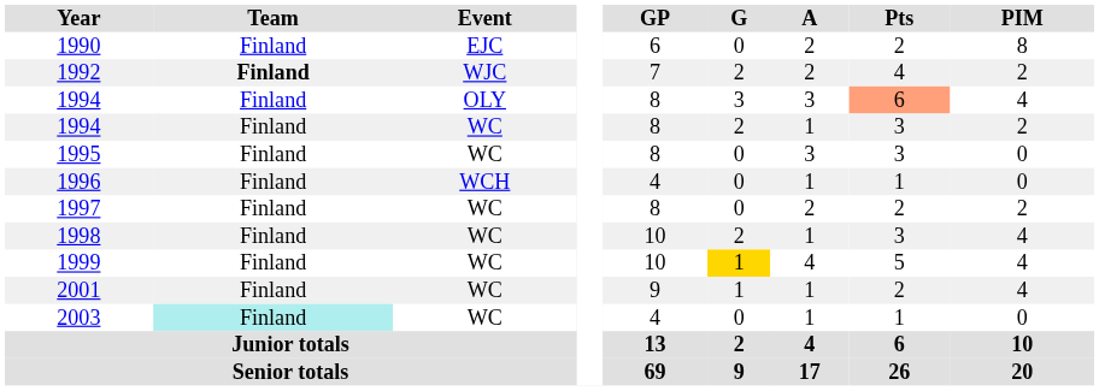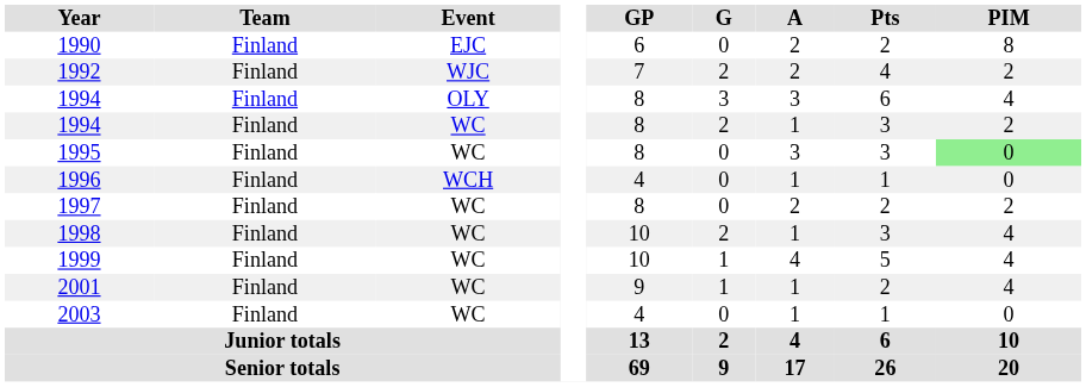 <table border="0" cellpadding="1" cellspacing="0" style="text-align:center; width:50em">
 <tr ALIGN="center" bgcolor="#e0e0e0">
 <th>Year</th>
 <th>Team</th>
 <th>Event</th>
 <th rowspan="99" bgcolor="#ffffff"> </th>
 <th>GP</th>
 <th>G</th>
 <th>A</th>
 <th>Pts</th>
 <th>PIM</th>
 </tr>
 <tr>
 <td><a href='#'>1990</a></td>
 <td><a href='#'>Finland</a></td>
 <td><a href='#'>EJC</a></td>
 <td>6</td>
 <td>0</td>
 <td>2</td>
 <td>2</td>
 <td>8</td>
 </tr>
 <tr bgcolor="#f0f0f0">
 <td><a href='#'>1992</a></td>
-<td><strong>Finland</strong></td>
+<td>Finland</td>
 <td><a href='#'>WJC</a></td>
 <td>7</td>
 <td>2</td>
 <td>2</td>
 <td>4</td>
 <td>2</td>
 </tr>
 <tr>
 <td><a href='#'>1994</a></td>
 <td><a href='#'>Finland</a></td>
 <td><a href='#'>OLY</a></td>
 <td>8</td>
 <td>3</td>
 <td>3</td>
-<td style="background: lightsalmon;">6</td>
+<td>6</td>
 <td>4</td>
 </tr>
 <tr bgcolor="#f0f0f0">
 <td><a href='#'>1994</a></td>
 <td>Finland</td>
 <td><a href='#'>WC</a></td>
 <td>8</td>
 <td>2</td>
 <td>1</td>
 <td>3</td>
 <td>2</td>
 </tr>
 <tr>
 <td><a href='#'>1995</a></td>
 <td>Finland</td>
 <td>WC</td>
 <td>8</td>
 <td>0</td>
 <td>3</td>
 <td>3</td>
-<td>0</td>
+<td style="background: lightgreen;">0</td>
 </tr>
 <tr bgcolor="#f0f0f0">
 <td><a href='#'>1996</a></td>
 <td>Finland</td>
 <td><a href='#'>WCH</a></td>
 <td>4</td>
 <td>0</td>
 <td>1</td>
 <td>1</td>
 <td>0</td>
 </tr>
 <tr>
 <td><a href='#'>1997</a></td>
 <td>Finland</td>
 <td>WC</td>
 <td>8</td>
 <td>0</td>
 <td>2</td>
 <td>2</td>
 <td>2</td>
 </tr>
 <tr bgcolor="#f0f0f0">
 <td><a href='#'>1998</a></td>
 <td>Finland</td>
 <td>WC</td>
 <td>10</td>
 <td>2</td>
 <td>1</td>
 <td>3</td>
 <td>4</td>
 </tr>
 <tr>
 <td><a href='#'>1999</a></td>
 <td>Finland</td>
 <td>WC</td>
 <td>10</td>
-<td style="background: gold;">1</td>
+<td>1</td>
 <td>4</td>
 <td>5</td>
 <td>4</td>
 </tr>
 <tr bgcolor="#f0f0f0">
 <td><a href='#'>2001</a></td>
 <td>Finland</td>
 <td>WC</td>
 <td>9</td>
 <td>1</td>
 <td>1</td>
 <td>2</td>
 <td>4</td>
 </tr>
 <tr>
 <td><a href='#'>2003</a></td>
-<td style="background: paleturquoise;">Finland</td>
+<td>Finland</td>
 <td>WC</td>
 <td>4</td>
 <td>0</td>
 <td>1</td>
 <td>1</td>
 <td>0</td>
 </tr>
 <tr bgcolor="#e0e0e0">
 <th colspan=3>Junior totals</th>
 <th>13</th>
 <th>2</th>
 <th>4</th>
 <th>6</th>
 <th>10</th>
 </tr>
 <tr bgcolor="#e0e0e0">
 <th colspan=3>Senior totals</th>
 <th>69</th>
 <th>9</th>
 <th>17</th>
 <th>26</th>
 <th>20</th>
 </tr>
 </table>
